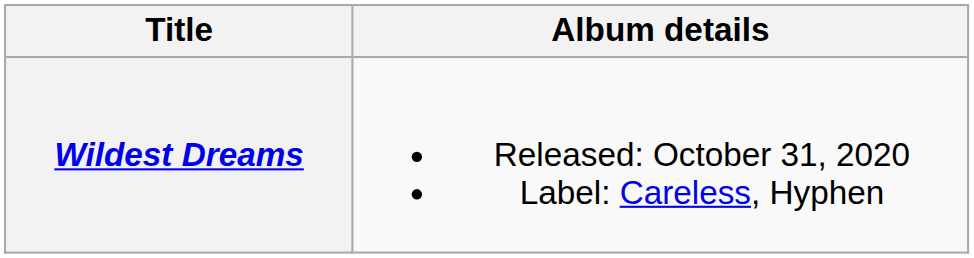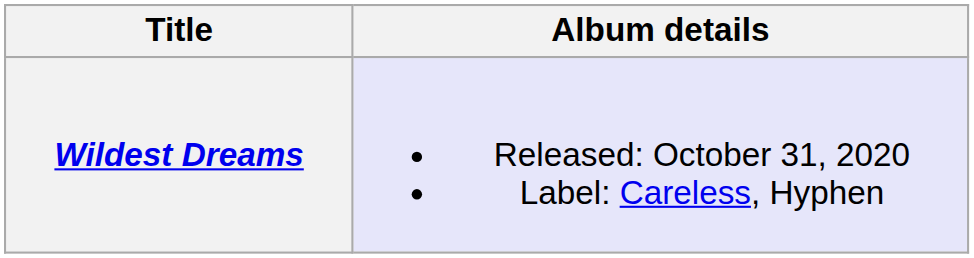 <table class="wikitable plainrowheaders" style="text-align:center;">
 <tr>
 <th scope="col" style="width:10em;">Title</th>
 <th scope="col" style="width:18em;">Album details</th>
 </tr>
 <tr>
 <th scope="row"><em><a href='#'>Wildest Dreams</a></em></th>
-<td><br><ul><li>Released: October 31, 2020 </li><li>Label: <a href='#'>Careless</a>, Hyphen</li></ul></td>
+<td style="background: lavender;"><br><ul><li>Released: October 31, 2020 </li><li>Label: <a href='#'>Careless</a>, Hyphen</li></ul></td>
 </tr>
 </table>
